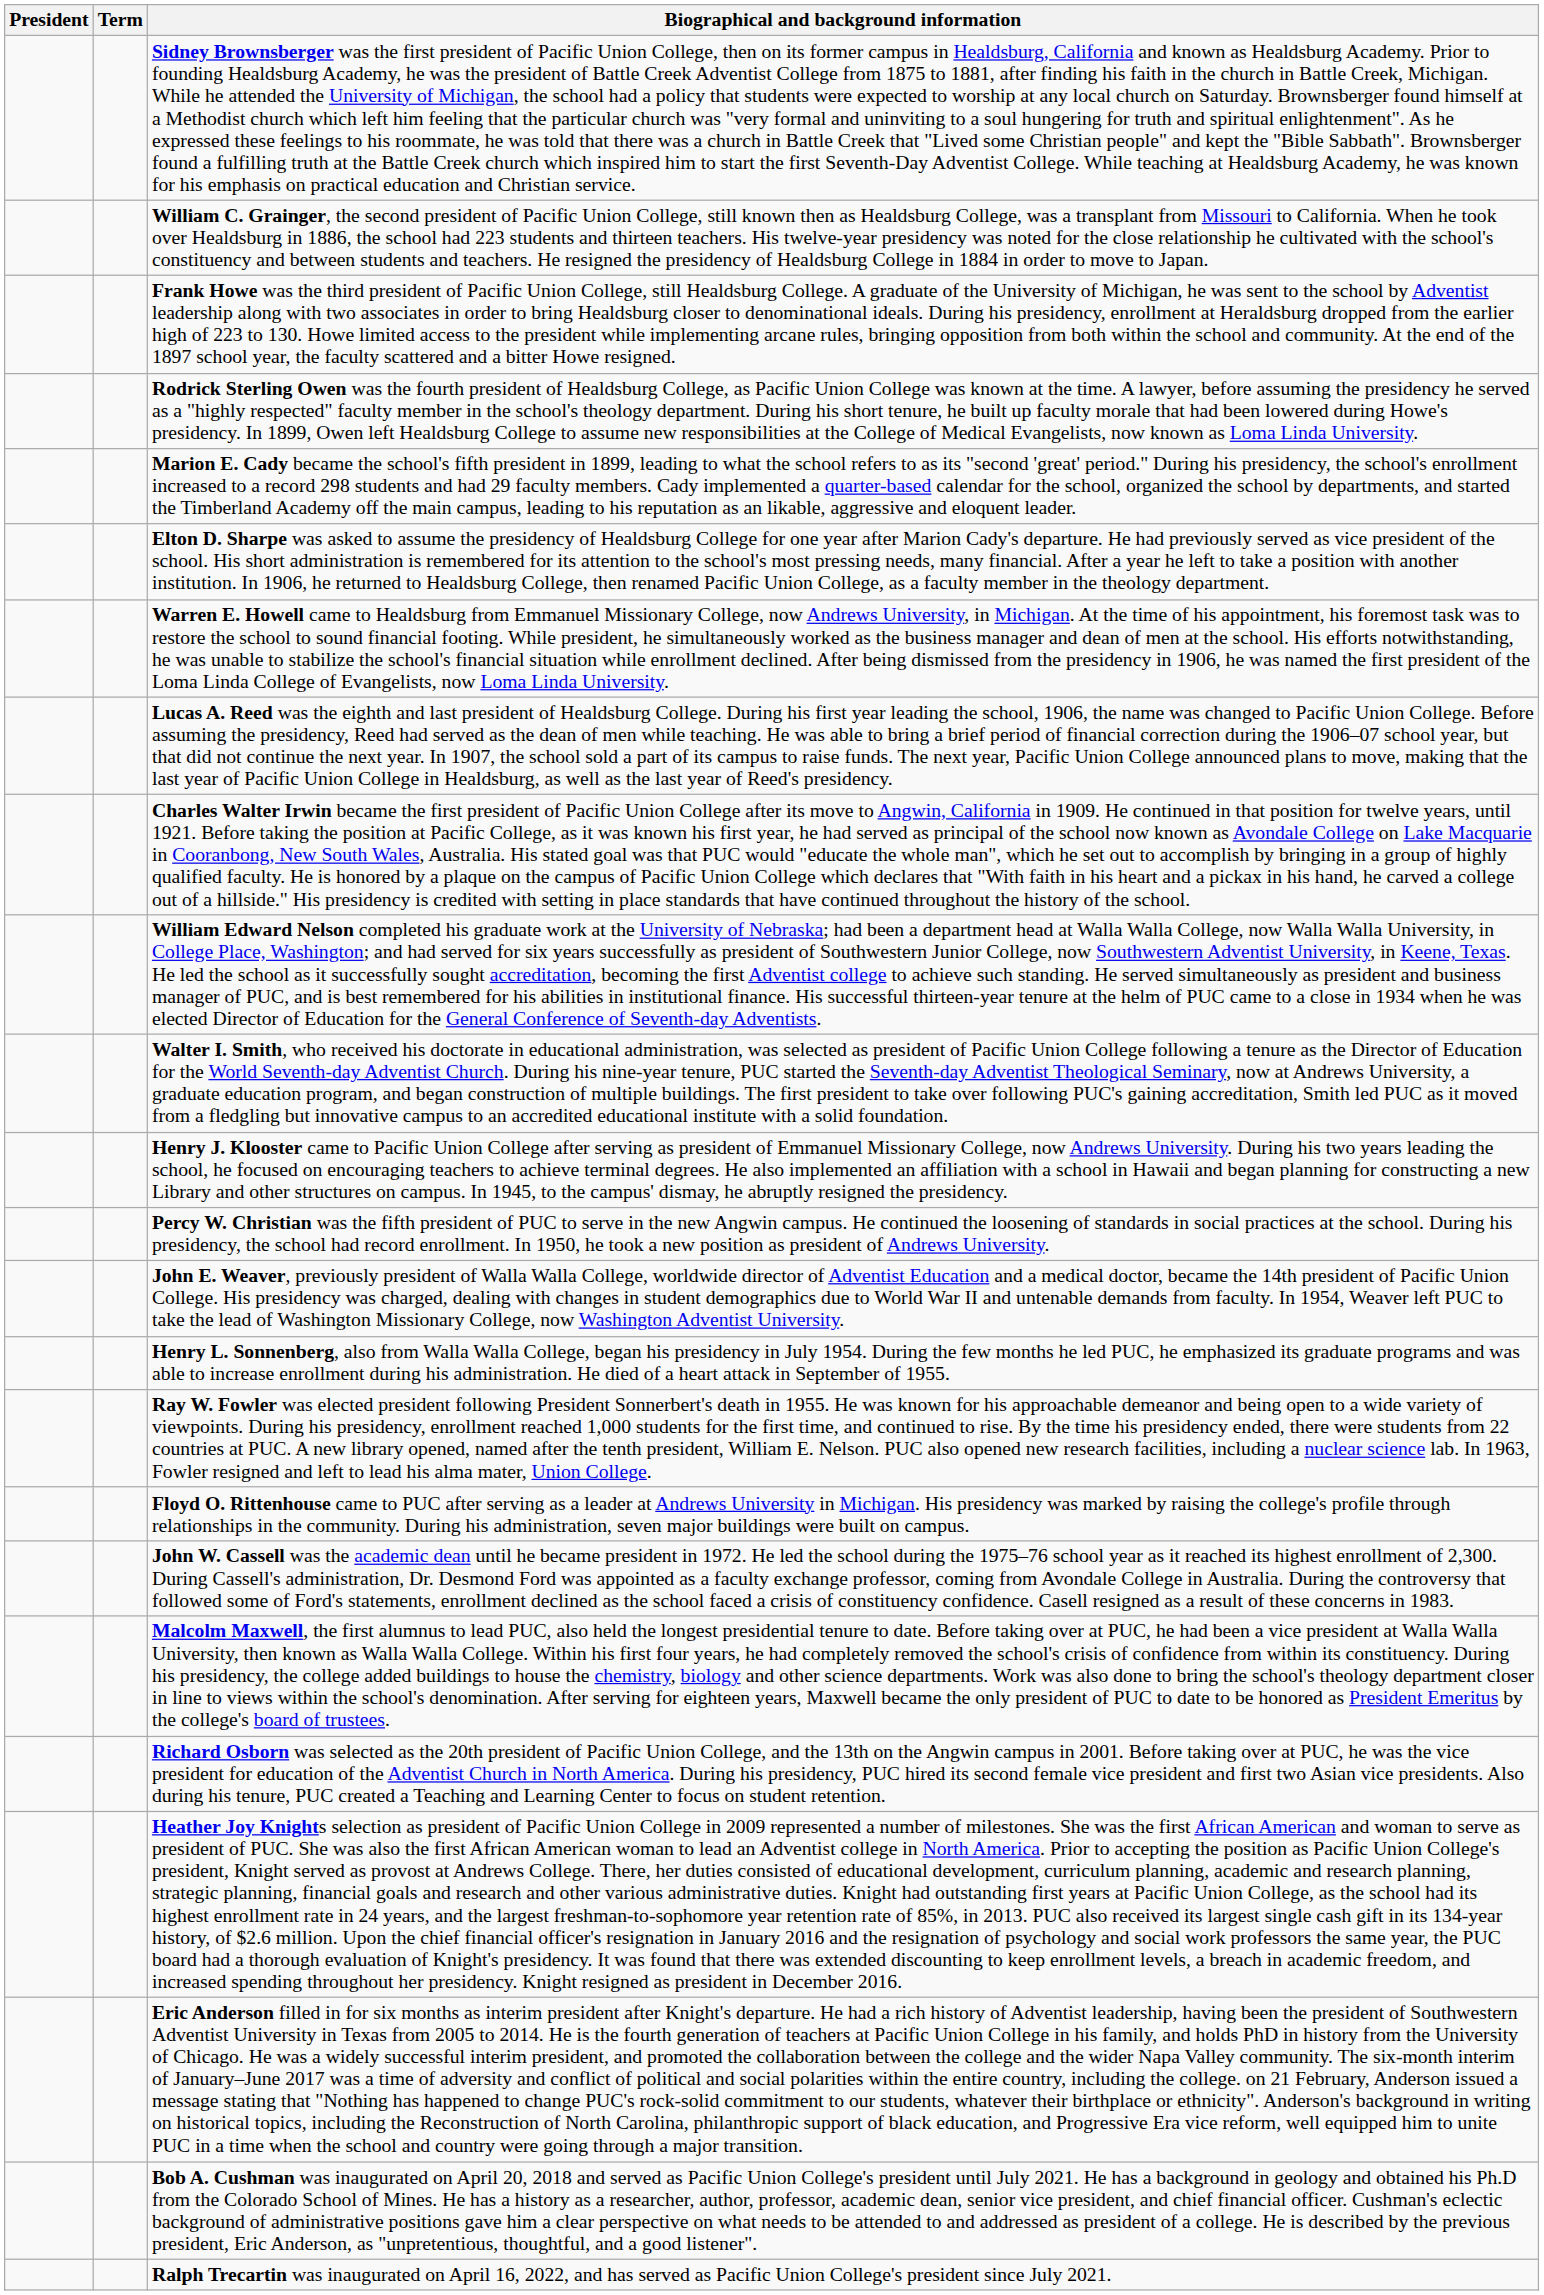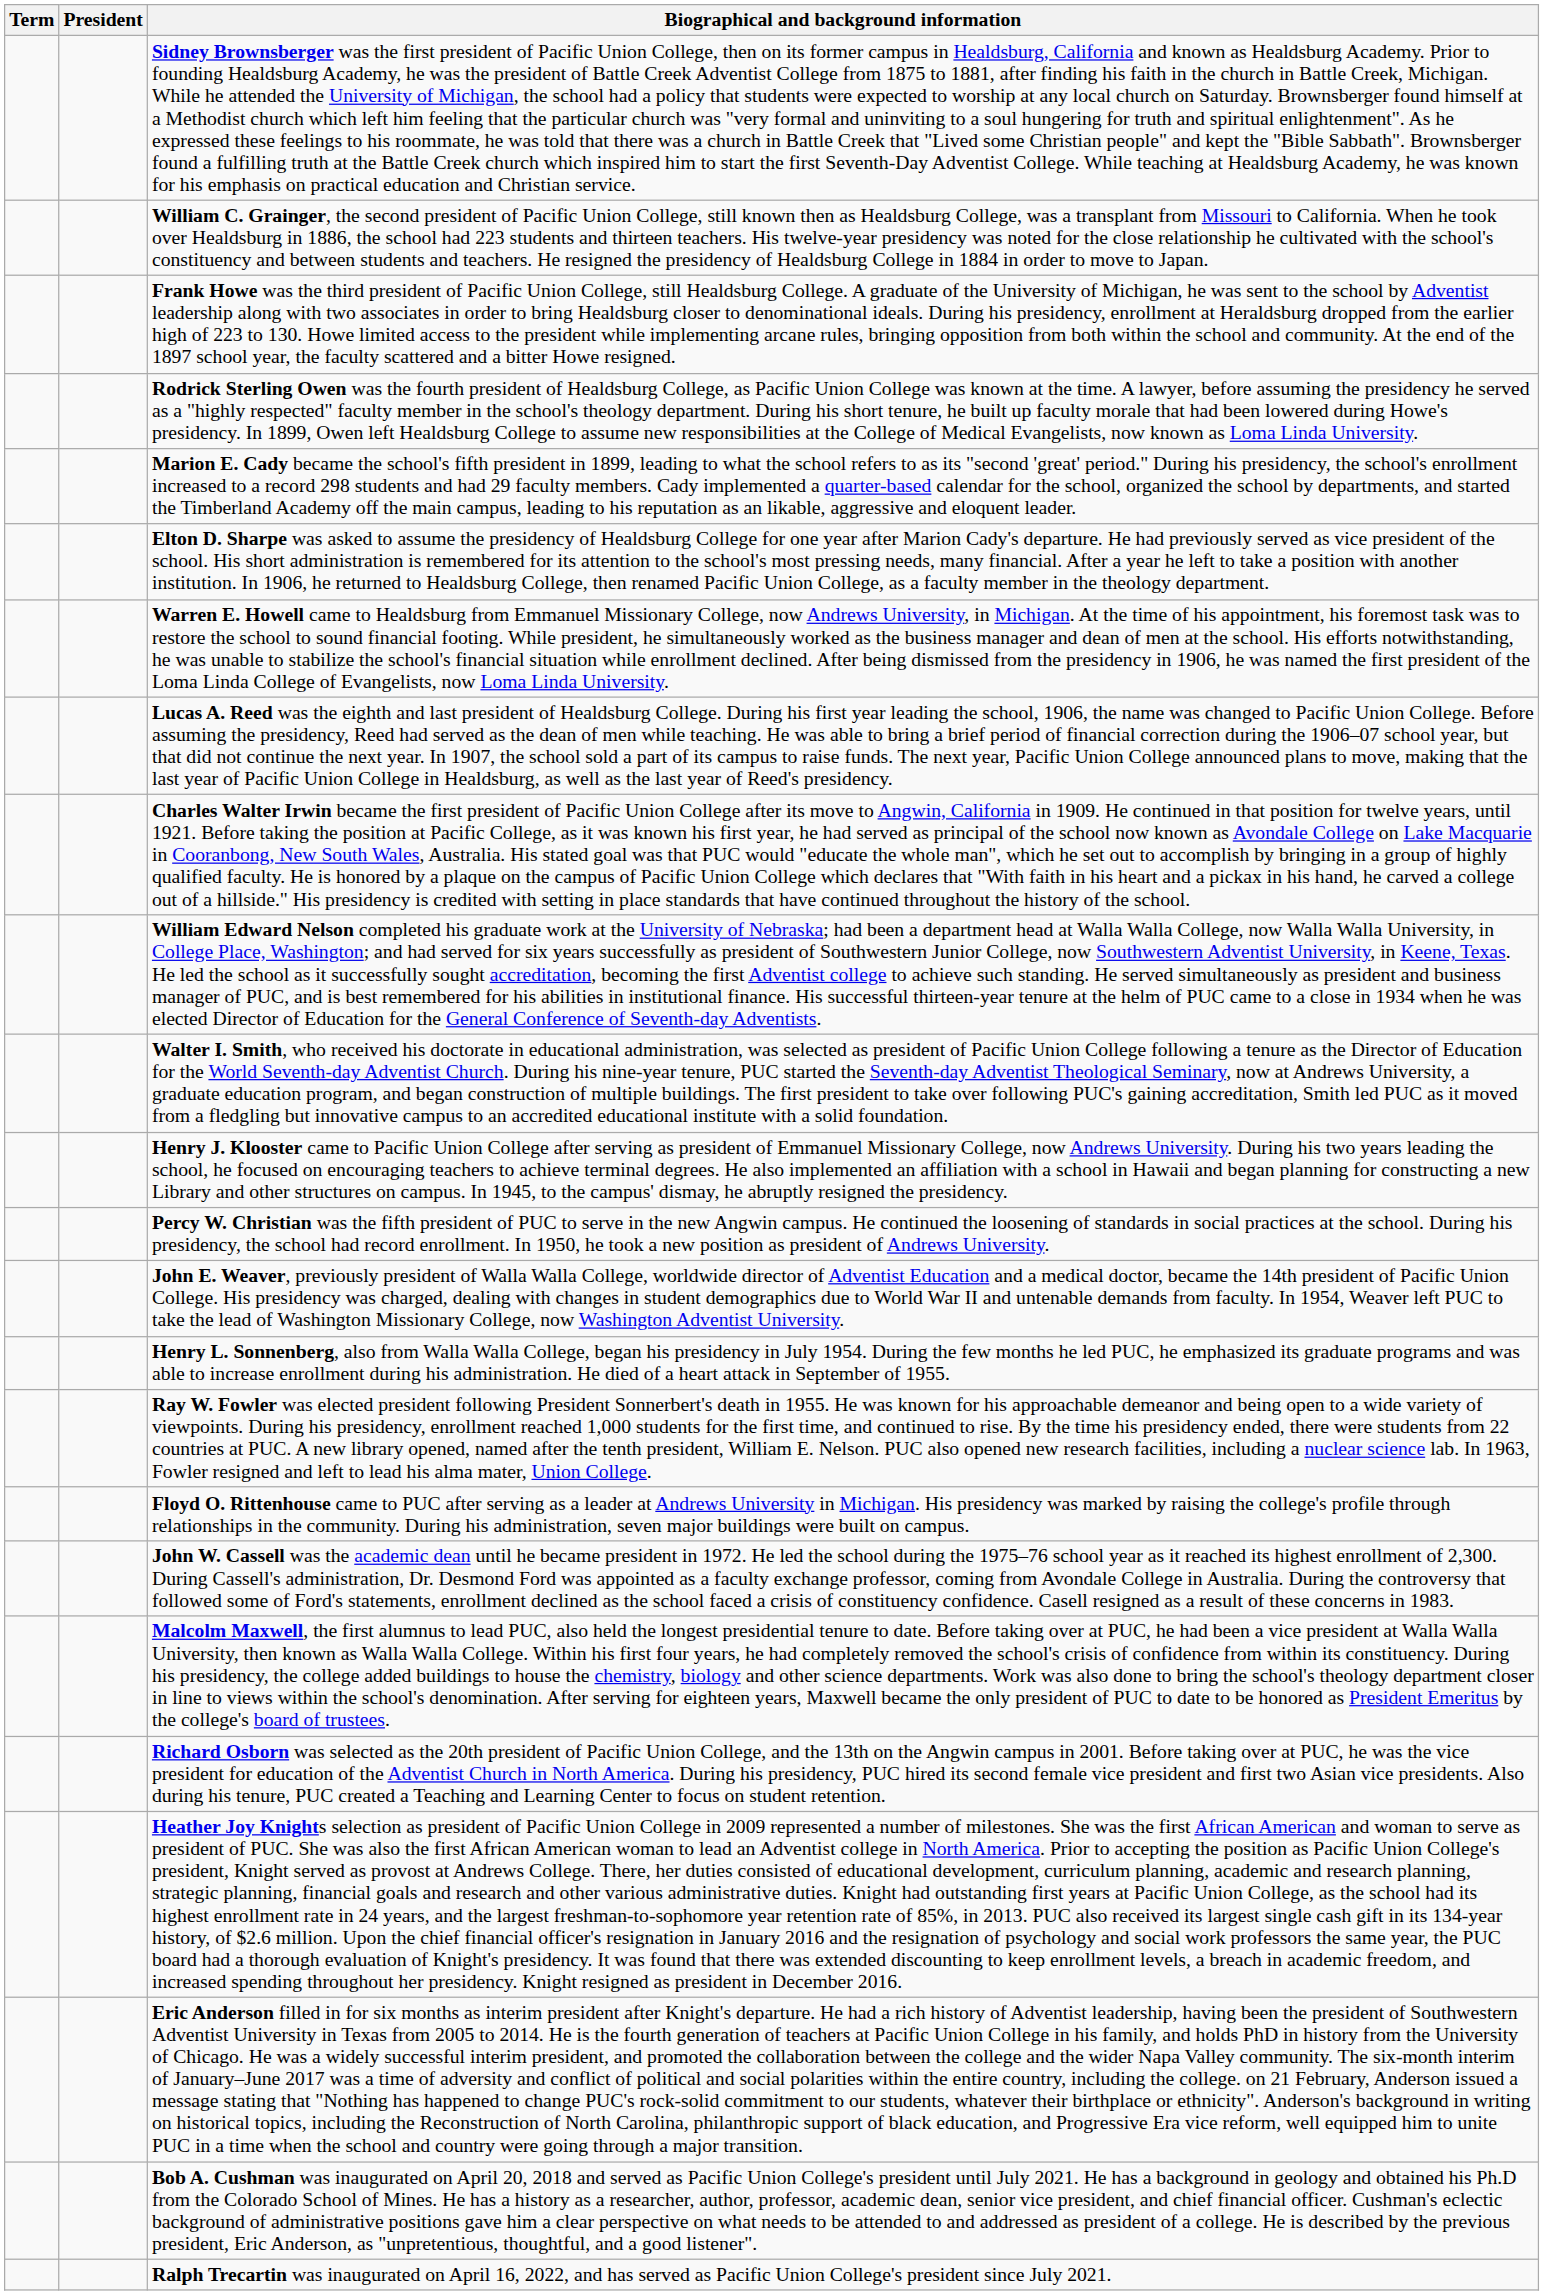 <table class="wikitable">
 <tr>
+<th>Term</th>
 <th>President</th>
-<th>Term</th>
 <th>Biographical and background information</th>
 </tr>
 <tr>
 <td></td>
 <td></td>
 <td><strong><a href='#'>Sidney Brownsberger</a></strong> was the first president of Pacific Union College, then on its former campus in <a href='#'>Healdsburg, California</a> and known as Healdsburg Academy. Prior to founding Healdsburg Academy, he was the president of Battle Creek Adventist College from 1875 to 1881, after finding his faith in the church in Battle Creek, Michigan. While he attended the <a href='#'>University of Michigan</a>, the school had a policy that students were expected to worship at any local church on Saturday. Brownsberger found himself at a Methodist church which left him feeling that the particular church was "very formal and uninviting to a soul hungering for truth and spiritual enlightenment". As he expressed these feelings to his roommate, he was told that there was a church in Battle Creek that "Lived some Christian people" and kept the "Bible Sabbath". Brownsberger found a fulfilling truth at the Battle Creek church which inspired him to start the first Seventh-Day Adventist College. While teaching at Healdsburg Academy, he was known for his emphasis on practical education and Christian service.</td>
 </tr>
 <tr>
 <td></td>
 <td></td>
 <td><strong>William C. Grainger</strong>, the second president of Pacific Union College, still known then as Healdsburg College, was a transplant from <a href='#'>Missouri</a> to California. When he took over Healdsburg in 1886, the school had 223 students and thirteen teachers. His twelve-year presidency was noted for the close relationship he cultivated with the school's constituency and between students and teachers. He resigned the presidency of Healdsburg College in 1884 in order to move to Japan.</td>
 </tr>
 <tr>
 <td></td>
 <td></td>
 <td><strong>Frank Howe</strong> was the third president of Pacific Union College, still Healdsburg College. A graduate of the University of Michigan, he was sent to the school by <a href='#'>Adventist</a> leadership along with two associates in order to bring Healdsburg closer to denominational ideals. During his presidency, enrollment at Heraldsburg dropped from the earlier high of 223 to 130. Howe limited access to the president while implementing arcane rules, bringing opposition from both within the school and community. At the end of the 1897 school year, the faculty scattered and a bitter Howe resigned.</td>
 </tr>
 <tr>
 <td></td>
 <td></td>
 <td><strong>Rodrick Sterling Owen</strong> was the fourth president of Healdsburg College, as Pacific Union College was known at the time. A lawyer, before assuming the presidency he served as a "highly respected" faculty member in the school's theology department. During his short tenure, he built up faculty morale that had been lowered during Howe's presidency. In 1899, Owen left Healdsburg College to assume new responsibilities at the College of Medical Evangelists, now known as <a href='#'>Loma Linda University</a>.</td>
 </tr>
 <tr>
 <td></td>
 <td></td>
 <td><strong>Marion E. Cady</strong> became the school's fifth president in 1899, leading to what the school refers to as its "second 'great' period." During his presidency, the school's enrollment increased to a record 298 students and had 29 faculty members. Cady implemented a <a href='#'>quarter-based</a> calendar for the school, organized the school by departments, and started the Timberland Academy off the main campus, leading to his reputation as an likable, aggressive and eloquent leader.</td>
 </tr>
 <tr>
 <td></td>
 <td></td>
 <td><strong>Elton D. Sharpe</strong> was asked to assume the presidency of Healdsburg College for one year after Marion Cady's departure. He had previously served as vice president of the school. His short administration is remembered for its attention to the school's most pressing needs, many financial. After a year he left to take a position with another institution. In 1906, he returned to Healdsburg College, then renamed Pacific Union College, as a faculty member in the theology department.</td>
 </tr>
 <tr>
 <td></td>
 <td></td>
 <td><strong>Warren E. Howell</strong> came to Healdsburg from Emmanuel Missionary College, now <a href='#'>Andrews University</a>, in <a href='#'>Michigan</a>. At the time of his appointment, his foremost task was to restore the school to sound financial footing. While president, he simultaneously worked as the business manager and dean of men at the school. His efforts notwithstanding, he was unable to stabilize the school's financial situation while enrollment declined. After being dismissed from the presidency in 1906, he was named the first president of the Loma Linda College of Evangelists, now <a href='#'>Loma Linda University</a>.</td>
 </tr>
 <tr>
 <td></td>
 <td></td>
 <td><strong>Lucas A. Reed</strong> was the eighth and last president of Healdsburg College. During his first year leading the school, 1906, the name was changed to Pacific Union College. Before assuming the presidency, Reed had served as the dean of men while teaching. He was able to bring a brief period of financial correction during the 1906–07 school year, but that did not continue the next year. In 1907, the school sold a part of its campus to raise funds. The next year, Pacific Union College announced plans to move, making that the last year of Pacific Union College in Healdsburg, as well as the last year of Reed's presidency.</td>
 </tr>
 <tr>
 <td></td>
 <td></td>
 <td><strong>Charles Walter Irwin</strong> became the first president of Pacific Union College after its move to <a href='#'>Angwin, California</a> in 1909. He continued in that position for twelve years, until 1921. Before taking the position at Pacific College, as it was known his first year, he had served as principal of the school now known as <a href='#'>Avondale College</a> on <a href='#'>Lake Macquarie</a> in <a href='#'>Cooranbong, New South Wales</a>, Australia. His stated goal was that PUC would "educate the whole man", which he set out to accomplish by bringing in a group of highly qualified faculty. He is honored by a plaque on the campus of Pacific Union College which declares that "With faith in his heart and a pickax in his hand, he carved a college out of a hillside." His presidency is credited with setting in place standards that have continued throughout the history of the school.</td>
 </tr>
 <tr>
 <td></td>
 <td></td>
 <td><strong>William Edward Nelson</strong> completed his graduate work at the <a href='#'>University of Nebraska</a>; had been a department head at Walla Walla College, now Walla Walla University, in <a href='#'>College Place, Washington</a>; and had served for six years successfully as president of Southwestern Junior College, now <a href='#'>Southwestern Adventist University</a>, in <a href='#'>Keene, Texas</a>. He led the school as it successfully sought <a href='#'>accreditation</a>, becoming the first <a href='#'>Adventist college</a> to achieve such standing. He served simultaneously as president and business manager of PUC, and is best remembered for his abilities in institutional finance. His successful thirteen-year tenure at the helm of PUC came to a close in 1934 when he was elected Director of Education for the <a href='#'>General Conference of Seventh-day Adventists</a>.</td>
 </tr>
 <tr>
 <td></td>
 <td></td>
 <td><strong>Walter I. Smith</strong>, who received his doctorate in educational administration, was selected as president of Pacific Union College following a tenure as the Director of Education for the <a href='#'>World Seventh-day Adventist Church</a>. During his nine-year tenure, PUC started the <a href='#'>Seventh-day Adventist Theological Seminary</a>, now at Andrews University, a graduate education program, and began construction of multiple buildings. The first president to take over following PUC's gaining accreditation, Smith led PUC as it moved from a fledgling but innovative campus to an accredited educational institute with a solid foundation.</td>
 </tr>
 <tr>
 <td></td>
 <td></td>
 <td><strong>Henry J. Klooster</strong> came to Pacific Union College after serving as president of Emmanuel Missionary College, now <a href='#'>Andrews University</a>. During his two years leading the school, he focused on encouraging teachers to achieve terminal degrees. He also implemented an affiliation with a school in Hawaii and began planning for constructing a new Library and other structures on campus. In 1945, to the campus' dismay, he abruptly resigned the presidency.</td>
 </tr>
 <tr>
 <td></td>
 <td></td>
 <td><strong>Percy W. Christian</strong> was the fifth president of PUC to serve in the new Angwin campus. He continued the loosening of standards in social practices at the school. During his presidency, the school had record enrollment. In 1950, he took a new position as president of <a href='#'>Andrews University</a>.</td>
 </tr>
 <tr>
 <td></td>
 <td></td>
 <td><strong>John E. Weaver</strong>, previously president of Walla Walla College, worldwide director of <a href='#'>Adventist Education</a> and a medical doctor, became the 14th president of Pacific Union College. His presidency was charged, dealing with changes in student demographics due to World War II and untenable demands from faculty. In 1954, Weaver left PUC to take the lead of Washington Missionary College, now <a href='#'>Washington Adventist University</a>.</td>
 </tr>
 <tr>
 <td></td>
 <td></td>
 <td><strong>Henry L. Sonnenberg</strong>, also from Walla Walla College, began his presidency in July 1954. During the few months he led PUC, he emphasized its graduate programs and was able to increase enrollment during his administration. He died of a heart attack in September of 1955.</td>
 </tr>
 <tr>
 <td></td>
 <td></td>
 <td><strong>Ray W. Fowler</strong> was elected president following President Sonnerbert's death in 1955. He was known for his approachable demeanor and being open to a wide variety of viewpoints. During his presidency, enrollment reached 1,000 students for the first time, and continued to rise. By the time his presidency ended, there were students from 22 countries at PUC. A new library opened, named after the tenth president, William E. Nelson. PUC also opened new research facilities, including a <a href='#'>nuclear science</a> lab. In 1963, Fowler resigned and left to lead his alma mater, <a href='#'>Union College</a>.</td>
 </tr>
 <tr>
 <td></td>
 <td></td>
 <td><strong>Floyd O. Rittenhouse</strong> came to PUC after serving as a leader at <a href='#'>Andrews University</a> in <a href='#'>Michigan</a>. His presidency was marked by raising the college's profile through relationships in the community. During his administration, seven major buildings were built on campus.</td>
 </tr>
 <tr>
 <td></td>
 <td></td>
 <td><strong>John W. Cassell</strong> was the <a href='#'>academic dean</a> until he became president in 1972. He led the school during the 1975–76 school year as it reached its highest enrollment of 2,300. During Cassell's administration, Dr. Desmond Ford was appointed as a faculty exchange professor, coming from Avondale College in Australia. During the controversy that followed some of Ford's statements, enrollment declined as the school faced a crisis of constituency confidence. Casell resigned as a result of these concerns in 1983.</td>
 </tr>
 <tr>
 <td></td>
 <td></td>
 <td><strong><a href='#'>Malcolm Maxwell</a></strong>, the first alumnus to lead PUC, also held the longest presidential tenure to date. Before taking over at PUC, he had been a vice president at Walla Walla University, then known as Walla Walla College. Within his first four years, he had completely removed the school's crisis of confidence from within its constituency. During his presidency, the college added buildings to house the <a href='#'>chemistry</a>, <a href='#'>biology</a> and other science departments. Work was also done to bring the school's theology department closer in line to views within the school's denomination. After serving for eighteen years, Maxwell became the only president of PUC to date to be honored as <a href='#'>President Emeritus</a> by the college's <a href='#'>board of trustees</a>.</td>
 </tr>
 <tr>
 <td></td>
 <td></td>
 <td><strong><a href='#'>Richard Osborn</a></strong> was selected as the 20th president of Pacific Union College, and the 13th on the Angwin campus in 2001. Before taking over at PUC, he was the vice president for education of the <a href='#'>Adventist Church in North America</a>. During his presidency, PUC hired its second female vice president and first two Asian vice presidents. Also during his tenure, PUC created a Teaching and Learning Center to focus on student retention.</td>
 </tr>
 <tr>
 <td></td>
 <td></td>
 <td><strong><a href='#'>Heather Joy Knight</a></strong>s selection as president of Pacific Union College in 2009 represented a number of milestones. She was the first <a href='#'>African American</a> and woman to serve as president of PUC. She was also the first African American woman to lead an Adventist college in <a href='#'>North America</a>. Prior to accepting the position as Pacific Union College's president, Knight served as provost at Andrews College. There, her duties consisted of educational development, curriculum planning, academic and research planning, strategic planning, financial goals and research and other various administrative duties. Knight had outstanding first years at Pacific Union College, as the school had its highest enrollment rate in 24 years, and the largest freshman-to-sophomore year retention rate of 85%, in 2013. PUC also received its largest single cash gift in its 134-year history, of $2.6 million. Upon the chief financial officer's resignation in January 2016 and the resignation of psychology and social work professors the same year, the PUC board had a thorough evaluation of Knight's presidency. It was found that there was extended discounting to keep enrollment levels, a breach in academic freedom, and increased spending throughout her presidency. Knight resigned as president in December 2016.</td>
 </tr>
 <tr>
 <td></td>
 <td></td>
 <td><strong>Eric Anderson</strong> filled in for six months as interim president after Knight's departure. He had a rich history of Adventist leadership, having been the president of Southwestern Adventist University in Texas from 2005 to 2014. He is the fourth generation of teachers at Pacific Union College in his family, and holds PhD in history from the University of Chicago. He was a widely successful interim president, and promoted the collaboration between the college and the wider Napa Valley community. The six-month interim of January–June 2017 was a time of adversity and conflict of political and social polarities within the entire country, including the college. on 21 February, Anderson issued a message stating that "Nothing has happened to change PUC's rock-solid commitment to our students, whatever their birthplace or ethnicity". Anderson's background in writing on historical topics, including the Reconstruction of North Carolina, philanthropic support of black education, and Progressive Era vice reform, well equipped him to unite PUC in a time when the school and country were going through a major transition.</td>
 </tr>
 <tr>
 <td></td>
 <td></td>
 <td><strong>Bob A. Cushman</strong> was inaugurated on April 20, 2018 and served as Pacific Union College's president until July 2021. He has a background in geology and obtained his Ph.D from the Colorado School of Mines. He has a history as a researcher, author, professor, academic dean, senior vice president, and chief financial officer. Cushman's eclectic background of administrative positions gave him a clear perspective on what needs to be attended to and addressed as president of a college. He is described by the previous president, Eric Anderson, as "unpretentious, thoughtful, and a good listener".</td>
 </tr>
 <tr>
 <td></td>
 <td></td>
 <td><strong>Ralph Trecartin</strong> was inaugurated on April 16, 2022, and has served as Pacific Union College's president since July 2021.</td>
 </tr>
 </table>
